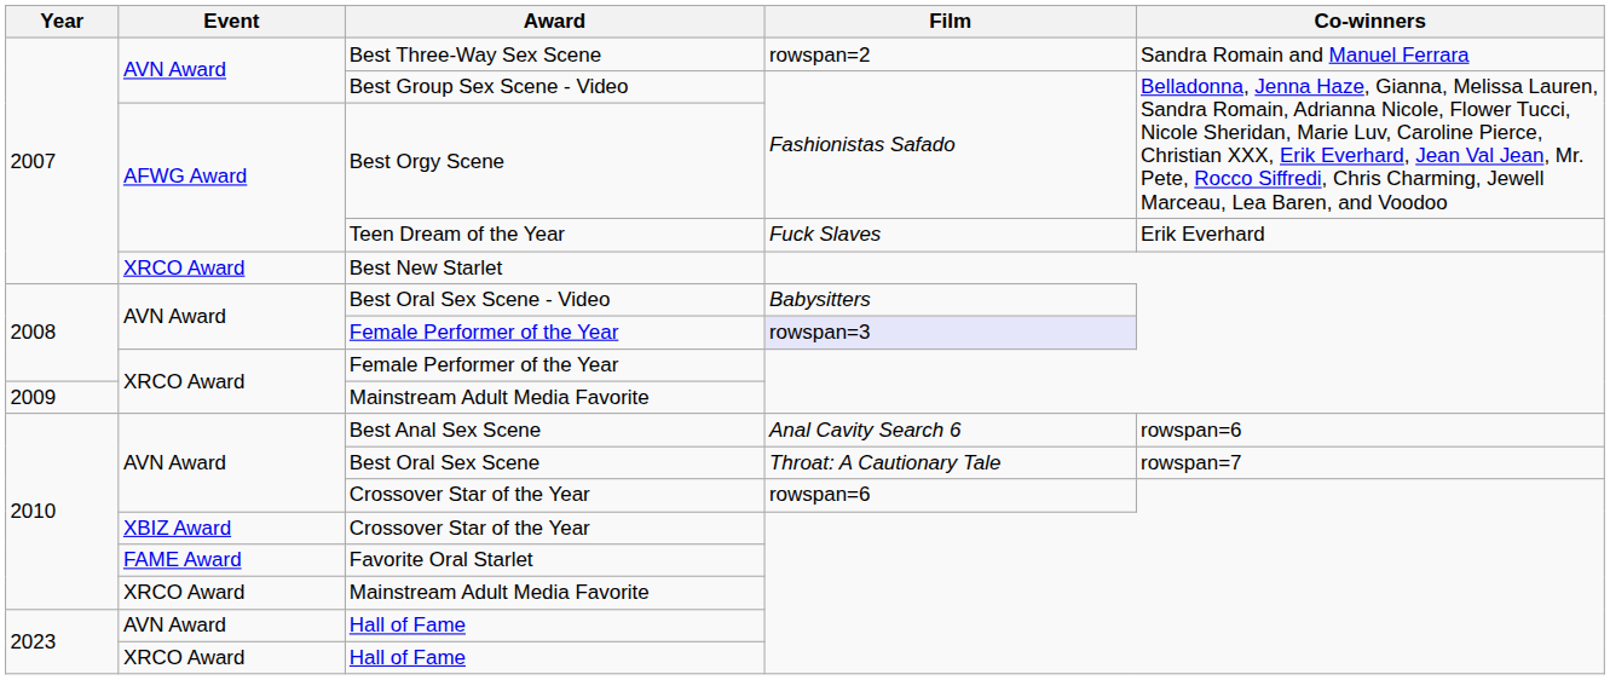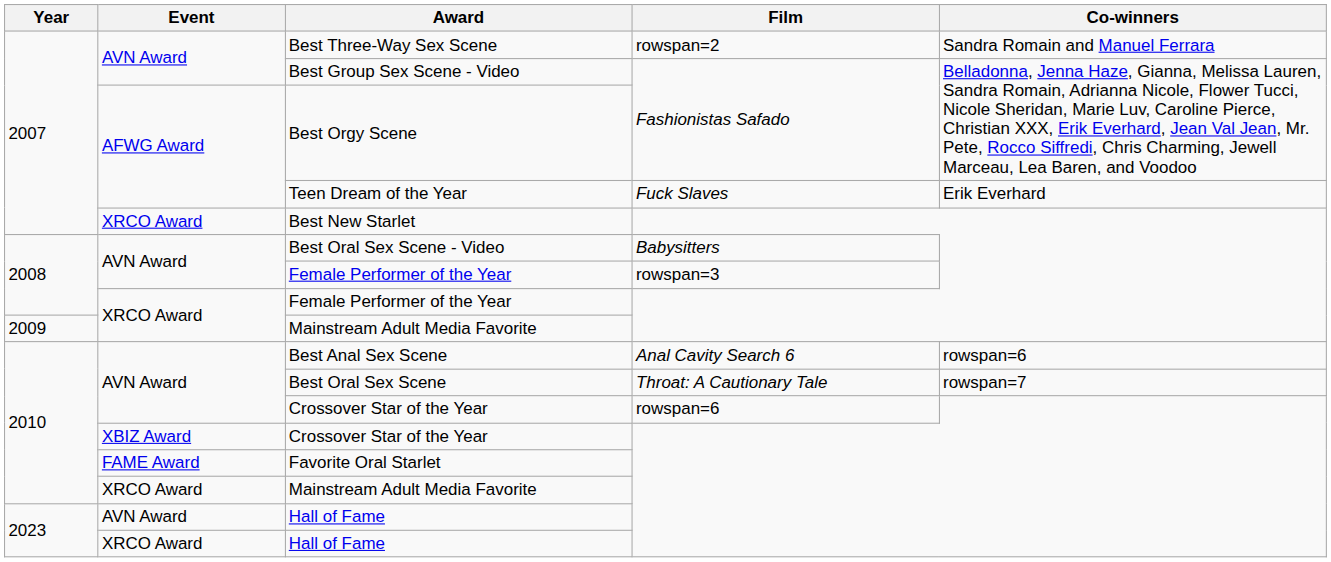 <table class="wikitable">
 <tr>
 <th width="7%">Year</th>
 <th width="14%">Event</th>
 <th width="26%">Award</th>
 <th width="23%">Film</th>
 <th width="29%">Co-winners</th>
 </tr>
 <tr>
 <td rowspan=5>2007</td>
 <td rowspan=2><a href='#'>AVN Award</a></td>
 <td>Best Three-Way Sex Scene</td>
 <td>rowspan=2 </td>
 <td>Sandra Romain and <a href='#'>Manuel Ferrara</a></td>
 </tr>
 <tr>
 <td>Best Group Sex Scene - Video</td>
 <td rowspan="2"><em>Fashionistas Safado</em></td>
 <td rowspan="2"><a href='#'>Belladonna</a>, <a href='#'>Jenna Haze</a>, Gianna, Melissa Lauren, Sandra Romain, Adrianna Nicole, Flower Tucci, Nicole Sheridan, Marie Luv, Caroline Pierce, Christian XXX, <a href='#'>Erik Everhard</a>, <a href='#'>Jean Val Jean</a>, Mr. Pete, <a href='#'>Rocco Siffredi</a>, Chris Charming, Jewell Marceau, Lea Baren, and Voodoo</td>
 </tr>
 <tr>
 <td rowspan=2><a href='#'>AFWG Award</a></td>
 <td>Best Orgy Scene</td>
 </tr>
 <tr>
 <td>Teen Dream of the Year</td>
 <td><em>Fuck Slaves</em></td>
 <td>Erik Everhard</td>
 </tr>
 <tr>
 <td><a href='#'>XRCO Award</a></td>
 <td>Best New Starlet</td>
 </tr>
 <tr>
 <td rowspan=3>2008</td>
 <td rowspan=2>AVN Award</td>
 <td>Best Oral Sex Scene - Video</td>
 <td><em>Babysitters</em></td>
 </tr>
 <tr>
 <td><a href='#'>Female Performer of the Year</a></td>
-<td style="background: lavender;">rowspan=3 </td>
+<td>rowspan=3 </td>
 </tr>
 <tr>
 <td rowspan=2>XRCO Award</td>
 <td>Female Performer of the Year</td>
 </tr>
 <tr>
 <td>2009</td>
 <td>Mainstream Adult Media Favorite</td>
 </tr>
 <tr>
 <td rowspan=6>2010</td>
 <td rowspan=3>AVN Award</td>
 <td>Best Anal Sex Scene</td>
 <td><em>Anal Cavity Search 6</em></td>
 <td>rowspan=6 </td>
 </tr>
 <tr>
 <td>Best Oral Sex Scene</td>
 <td><em>Throat: A Cautionary Tale</em></td>
 <td>rowspan=7 </td>
 </tr>
 <tr>
 <td>Crossover Star of the Year</td>
 <td>rowspan=6 </td>
 </tr>
 <tr>
 <td><a href='#'>XBIZ Award</a></td>
 <td>Crossover Star of the Year</td>
 </tr>
 <tr>
 <td><a href='#'>FAME Award</a></td>
 <td>Favorite Oral Starlet</td>
 </tr>
 <tr>
 <td>XRCO Award</td>
 <td>Mainstream Adult Media Favorite</td>
 </tr>
 <tr>
 <td rowspan=2>2023</td>
 <td>AVN Award</td>
 <td><a href='#'>Hall of Fame</a></td>
 </tr>
 <tr>
 <td>XRCO Award</td>
 <td><a href='#'>Hall of Fame</a></td>
 </tr>
 </table>
